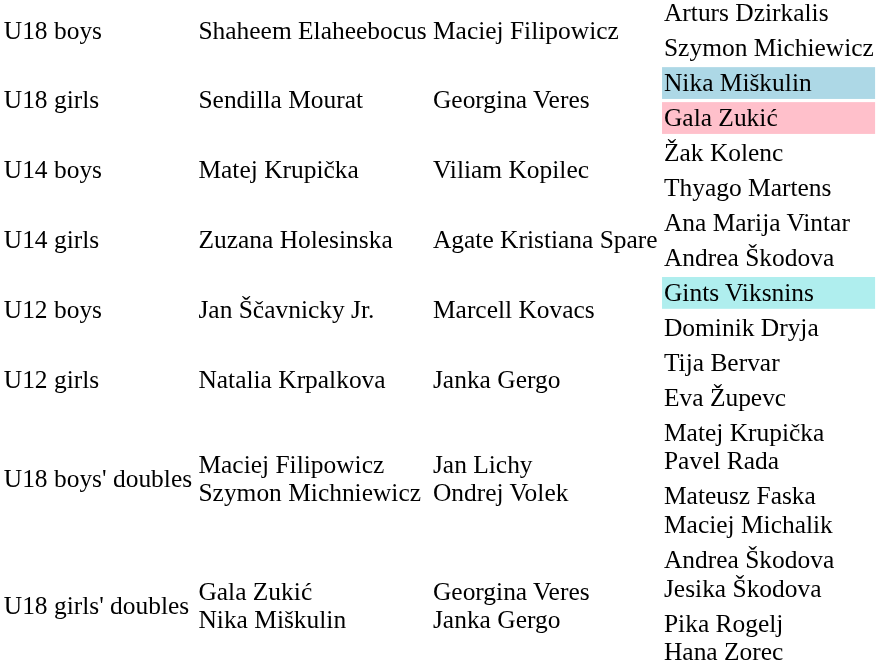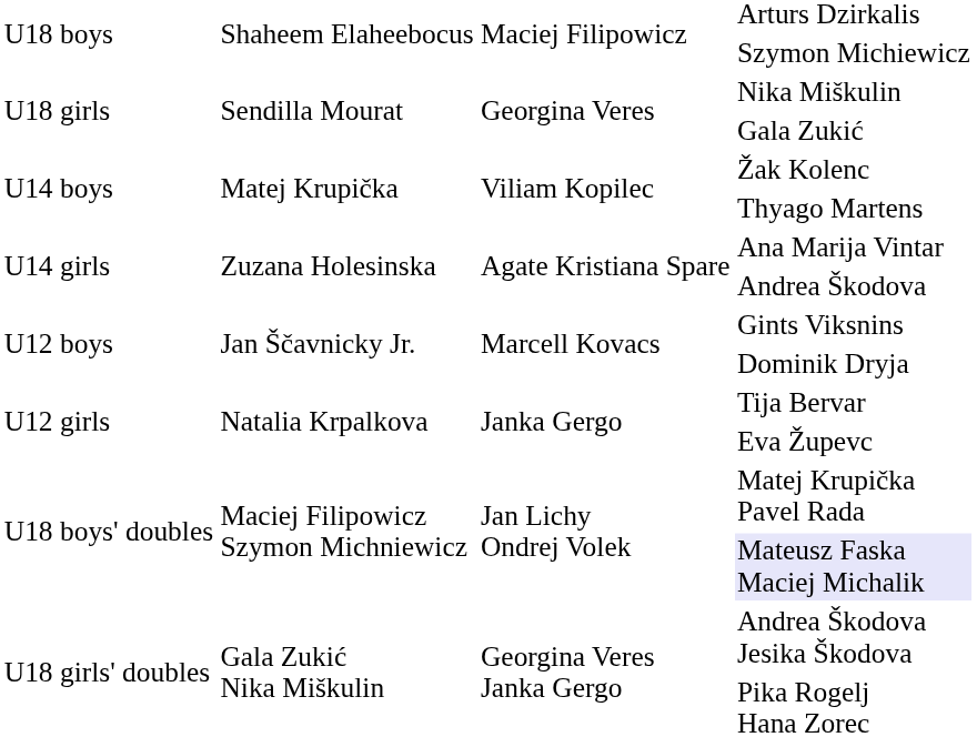 <table>
 <tr>
 <td rowspan="2">U18 boys<br></td>
 <td rowspan="2"> Shaheem Elaheebocus</td>
 <td rowspan="2"> Maciej Filipowicz</td>
 <td> Arturs Dzirkalis</td>
 </tr>
 <tr>
 <td> Szymon Michiewicz</td>
 </tr>
 <tr>
 <td rowspan="2">U18 girls<br></td>
 <td rowspan="2"> Sendilla Mourat</td>
 <td rowspan="2"> Georgina Veres</td>
-<td style="background: lightblue;"> Nika Miškulin</td>
+<td> Nika Miškulin</td>
 </tr>
 <tr>
-<td style="background: pink;"> Gala Zukić</td>
+<td> Gala Zukić</td>
 </tr>
 <tr>
 <td rowspan="2">U14 boys<br></td>
 <td rowspan="2"> Matej Krupička</td>
 <td rowspan="2"> Viliam Kopilec</td>
 <td> Žak Kolenc</td>
 </tr>
 <tr>
 <td> Thyago Martens</td>
 </tr>
 <tr>
 <td rowspan="2">U14 girls<br></td>
 <td rowspan="2"> Zuzana Holesinska</td>
 <td rowspan="2"> Agate Kristiana Spare</td>
 <td> Ana Marija Vintar</td>
 </tr>
 <tr>
 <td> Andrea Škodova</td>
 </tr>
 <tr>
 <td rowspan="2">U12 boys<br></td>
 <td rowspan="2"> Jan Ščavnicky Jr.</td>
 <td rowspan="2"> Marcell Kovacs</td>
-<td style="background: paleturquoise;"> Gints Viksnins</td>
+<td> Gints Viksnins</td>
 </tr>
 <tr>
 <td> Dominik Dryja</td>
 </tr>
 <tr>
 <td rowspan="2">U12 girls<br></td>
 <td rowspan="2"> Natalia Krpalkova</td>
 <td rowspan="2"> Janka Gergo</td>
 <td> Tija Bervar</td>
 </tr>
 <tr>
 <td> Eva Župevc</td>
 </tr>
 <tr>
 <td rowspan="2">U18 boys' doubles<br></td>
 <td rowspan="2"> Maciej Filipowicz<br> Szymon Michniewicz</td>
 <td rowspan="2"> Jan Lichy<br> Ondrej Volek</td>
 <td> Matej Krupička<br> Pavel Rada</td>
 </tr>
 <tr>
-<td> Mateusz Faska<br> Maciej Michalik</td>
+<td style="background: lavender;"> Mateusz Faska<br> Maciej Michalik</td>
 </tr>
 <tr>
 <td rowspan="2">U18 girls' doubles<br></td>
 <td rowspan="2"> Gala Zukić<br> Nika Miškulin</td>
 <td rowspan="2"> Georgina Veres<br> Janka Gergo</td>
 <td> Andrea Škodova<br> Jesika Škodova</td>
 </tr>
 <tr>
 <td> Pika Rogelj<br> Hana Zorec</td>
 </tr>
 </table>
